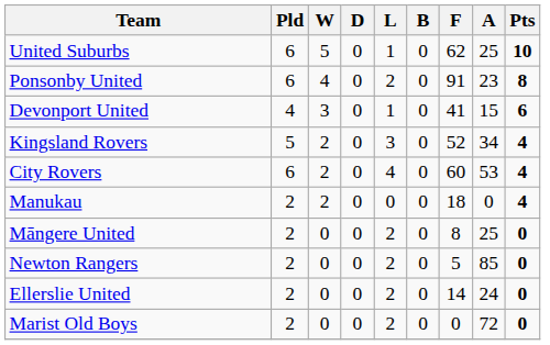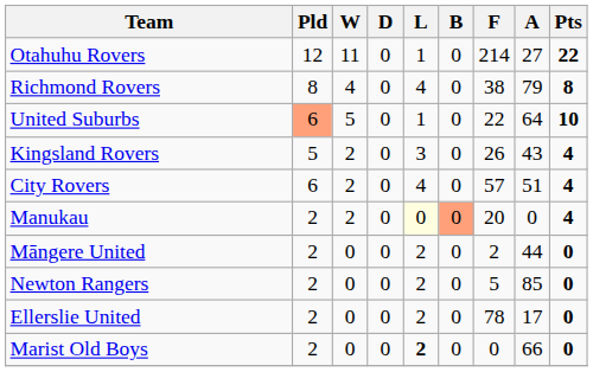 <table class="wikitable" style="text-align:center;">
 <tr>
 <th width=215>Team</th>
 <th width=20 abbr="Played">Pld</th>
 <th width=20 abbr="Won">W</th>
 <th width=20 abbr="Drawn">D</th>
 <th width=20 abbr="Lost">L</th>
 <th width=20 abbr="Bye">B</th>
 <th width=20 abbr="For">F</th>
 <th width=20 abbr="Against">A</th>
 <th width=20 abbr="Points">Pts</th>
 </tr>
 <tr>
+<td style="text-align:left;"><a href='#'> Otahuhu Rovers</a></td>
+<td>12</td>
+<td>11</td>
+<td>0</td>
+<td>1</td>
+<td>0</td>
+<td>214</td>
+<td>27</td>
+<td><strong>22</strong></td>
+</tr>
+<tr>
+<td style="text-align:left;"><a href='#'>Richmond Rovers</a></td>
+<td>8</td>
+<td>4</td>
+<td>0</td>
+<td>4</td>
+<td>0</td>
+<td>38</td>
+<td>79</td>
+<td><strong>8</strong></td>
+</tr>
+<tr>
 <td style="text-align:left;"><a href='#'>United Suburbs</a></td>
-<td>6</td>
+<td style="background: lightsalmon;">6</td>
 <td>5</td>
 <td>0</td>
 <td>1</td>
 <td>0</td>
-<td>62</td>
-<td>25</td>
+<td>22</td>
+<td>64</td>
 <td><strong>10</strong></td>
-</tr>
-<tr>
-<td style="text-align:left;"><a href='#'>Ponsonby United</a></td>
-<td>6</td>
-<td>4</td>
-<td>0</td>
-<td>2</td>
-<td>0</td>
-<td>91</td>
-<td>23</td>
-<td><strong>8</strong></td>
-</tr>
-<tr>
-<td style="text-align:left;"><a href='#'>Devonport United</a></td>
-<td>4</td>
-<td>3</td>
-<td>0</td>
-<td>1</td>
-<td>0</td>
-<td>41</td>
-<td>15</td>
-<td><strong>6</strong></td>
 </tr>
 <tr>
 <td style="text-align:left;"><a href='#'>Kingsland Rovers</a></td>
 <td>5</td>
 <td>2</td>
 <td>0</td>
 <td>3</td>
 <td>0</td>
-<td>52</td>
-<td>34</td>
+<td>26</td>
+<td>43</td>
 <td><strong>4</strong></td>
 </tr>
 <tr>
 <td style="text-align:left;"><a href='#'>City Rovers</a></td>
 <td>6</td>
 <td>2</td>
 <td>0</td>
 <td>4</td>
 <td>0</td>
-<td>60</td>
-<td>53</td>
+<td>57</td>
+<td>51</td>
 <td><strong>4</strong></td>
 </tr>
 <tr>
 <td style="text-align:left;"><a href='#'>Manukau</a></td>
 <td>2</td>
 <td>2</td>
 <td>0</td>
-<td>0</td>
-<td>0</td>
-<td>18</td>
+<td style="background: lightyellow;">0</td>
+<td style="background: lightsalmon;">0</td>
+<td>20</td>
 <td>0</td>
 <td><strong>4</strong></td>
 </tr>
 <tr>
 <td style="text-align:left;"><a href='#'>Māngere United</a></td>
 <td>2</td>
 <td>0</td>
 <td>0</td>
 <td>2</td>
 <td>0</td>
-<td>8</td>
-<td>25</td>
+<td>2</td>
+<td>44</td>
 <td><strong>0</strong></td>
 </tr>
 <tr>
 <td style="text-align:left;"><a href='#'>Newton Rangers</a></td>
 <td>2</td>
 <td>0</td>
 <td>0</td>
 <td>2</td>
 <td>0</td>
 <td>5</td>
 <td>85</td>
 <td><strong>0</strong></td>
 </tr>
 <tr>
 <td style="text-align:left;"><a href='#'>Ellerslie United</a></td>
 <td>2</td>
 <td>0</td>
 <td>0</td>
 <td>2</td>
 <td>0</td>
-<td>14</td>
-<td>24</td>
+<td>78</td>
+<td>17</td>
 <td><strong>0</strong></td>
 </tr>
 <tr>
 <td style="text-align:left;"><a href='#'>Marist Old Boys</a></td>
 <td>2</td>
 <td>0</td>
 <td>0</td>
-<td>2</td>
+<td><strong>2</strong></td>
 <td>0</td>
 <td>0</td>
-<td>72</td>
+<td>66</td>
 <td><strong>0</strong></td>
 </tr>
 <tr>
 </tr>
 </table>
